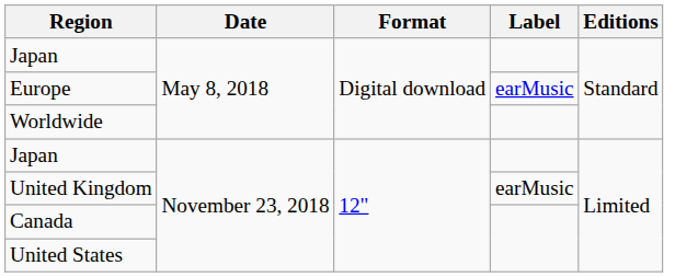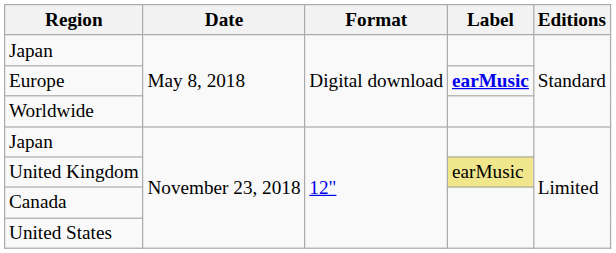 <table class="wikitable plainrowheaders">
 <tr>
 <th scope="col">Region</th>
 <th scope="col">Date</th>
 <th scope="col">Format</th>
 <th scope="col">Label</th>
 <th scope="col">Editions</th>
 </tr>
 <tr>
 <td scope="row">Japan</td>
 <td rowspan="3">May 8, 2018</td>
 <td rowspan="3">Digital download</td>
 <td></td>
 <td rowspan="3">Standard</td>
 </tr>
 <tr>
 <td scope="row">Europe</td>
-<td><a href='#'>earMusic</a></td>
+<td><strong><a href='#'>earMusic</a></strong></td>
 </tr>
 <tr>
 <td scope="row">Worldwide</td>
 <td></td>
 </tr>
 <tr>
 <td scope="row">Japan</td>
 <td rowspan="4">November 23, 2018</td>
 <td rowspan="4"><a href='#'>12"</a></td>
 <td></td>
 <td rowspan="4">Limited</td>
 </tr>
 <tr>
 <td scope="row">United Kingdom</td>
-<td>earMusic</td>
+<td style="background: khaki;">earMusic</td>
 </tr>
 <tr>
 <td scope="row">Canada</td>
 <td rowspan="2"></td>
 </tr>
 <tr>
 <td scope="row">United States</td>
 </tr>
 </table>
